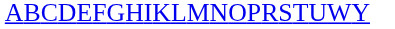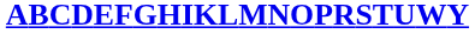 <table id="toc" class="toc" summary="Class">
 <tr>
 <th></th>
 </tr>
 <tr>
-<td style="text-align:center;"><a href='#'>A</a><a href='#'>B</a><a href='#'>C</a><a href='#'>D</a><a href='#'>E</a><a href='#'>F</a><a href='#'>G</a><a href='#'>H</a><a href='#'>I</a><a href='#'>K</a><a href='#'>L</a><a href='#'>M</a><a href='#'>N</a><a href='#'>O</a><a href='#'>P</a><a href='#'>R</a><a href='#'>S</a><a href='#'>T</a><a href='#'>U</a><a href='#'>W</a><a href='#'>Y</a></td>
+<td style="text-align:center;"><strong><a href='#'>A</a><a href='#'>B</a><a href='#'>C</a><a href='#'>D</a><a href='#'>E</a><a href='#'>F</a><a href='#'>G</a><a href='#'>H</a><a href='#'>I</a><a href='#'>K</a><a href='#'>L</a><a href='#'>M</a><a href='#'>N</a><a href='#'>O</a><a href='#'>P</a><a href='#'>R</a><a href='#'>S</a><a href='#'>T</a><a href='#'>U</a><a href='#'>W</a><a href='#'>Y</a></strong></td>
 </tr>
 </table>
